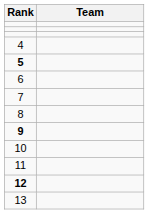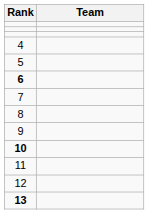 <table class=wikitable style="text-align:center">
 <tr>
 <th width=40>Rank</th>
 <th width=150>Team</th>
 </tr>
 <tr>
 <td></td>
 <td align=left></td>
 </tr>
 <tr>
 <td></td>
 <td align=left></td>
 </tr>
 <tr>
 <td></td>
 <td align=left></td>
 </tr>
 <tr>
 <td>4</td>
 <td align=left></td>
 </tr>
 <tr>
-<td><strong>5</strong></td>
+<td>5</td>
 <td align=left></td>
 </tr>
 <tr>
-<td>6</td>
+<td><strong>6</strong></td>
 <td align=left></td>
 </tr>
 <tr>
 <td>7</td>
 <td align=left></td>
 </tr>
 <tr>
 <td>8</td>
 <td align=left></td>
 </tr>
 <tr>
-<td><strong>9</strong></td>
+<td>9</td>
 <td align=left></td>
 </tr>
 <tr>
-<td>10</td>
+<td><strong>10</strong></td>
 <td align=left></td>
 </tr>
 <tr>
 <td>11</td>
 <td align=left></td>
 </tr>
 <tr>
-<td><strong>12</strong></td>
+<td>12</td>
 <td align=left></td>
 </tr>
 <tr>
-<td>13</td>
+<td><strong>13</strong></td>
 <td align=left></td>
 </tr>
 </table>
